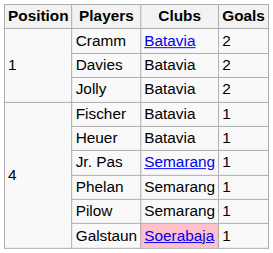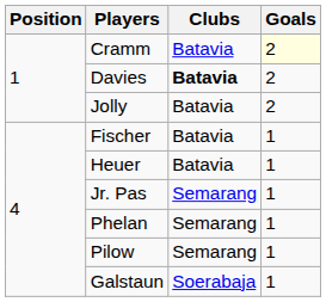 <table class=wikitable>
 <tr>
 <th>Position</th>
 <th>Players</th>
 <th>Clubs</th>
 <th>Goals</th>
 </tr>
 <tr>
 <td rowspan="3">1</td>
 <td align="left"> Cramm</td>
 <td align="left"><a href='#'>Batavia</a></td>
-<td>2</td>
+<td style="background: lightyellow;">2</td>
 </tr>
 <tr>
 <td align="left"> Davies</td>
-<td align="left">Batavia</td>
+<td align="left"><strong>Batavia</strong></td>
 <td>2</td>
 </tr>
 <tr>
 <td align="left"> Jolly</td>
 <td align="left">Batavia</td>
 <td>2</td>
 </tr>
 <tr>
 <td rowspan="6">4</td>
 <td align="left"> Fischer</td>
 <td align="left">Batavia</td>
 <td>1</td>
 </tr>
 <tr>
 <td align="left"> Heuer</td>
 <td align="left">Batavia</td>
 <td>1</td>
 </tr>
 <tr>
 <td align="left"> Jr. Pas</td>
 <td align="left"><a href='#'>Semarang</a></td>
 <td>1</td>
 </tr>
 <tr>
 <td align="left"> Phelan</td>
 <td align="left">Semarang</td>
 <td>1</td>
 </tr>
 <tr>
 <td align="left"> Pilow</td>
 <td align="left">Semarang</td>
 <td>1</td>
 </tr>
 <tr>
 <td align="left"> Galstaun</td>
-<td align="left" style="background: pink;"><a href='#'>Soerabaja</a></td>
+<td align="left"><a href='#'>Soerabaja</a></td>
 <td>1</td>
 </tr>
 </table>
